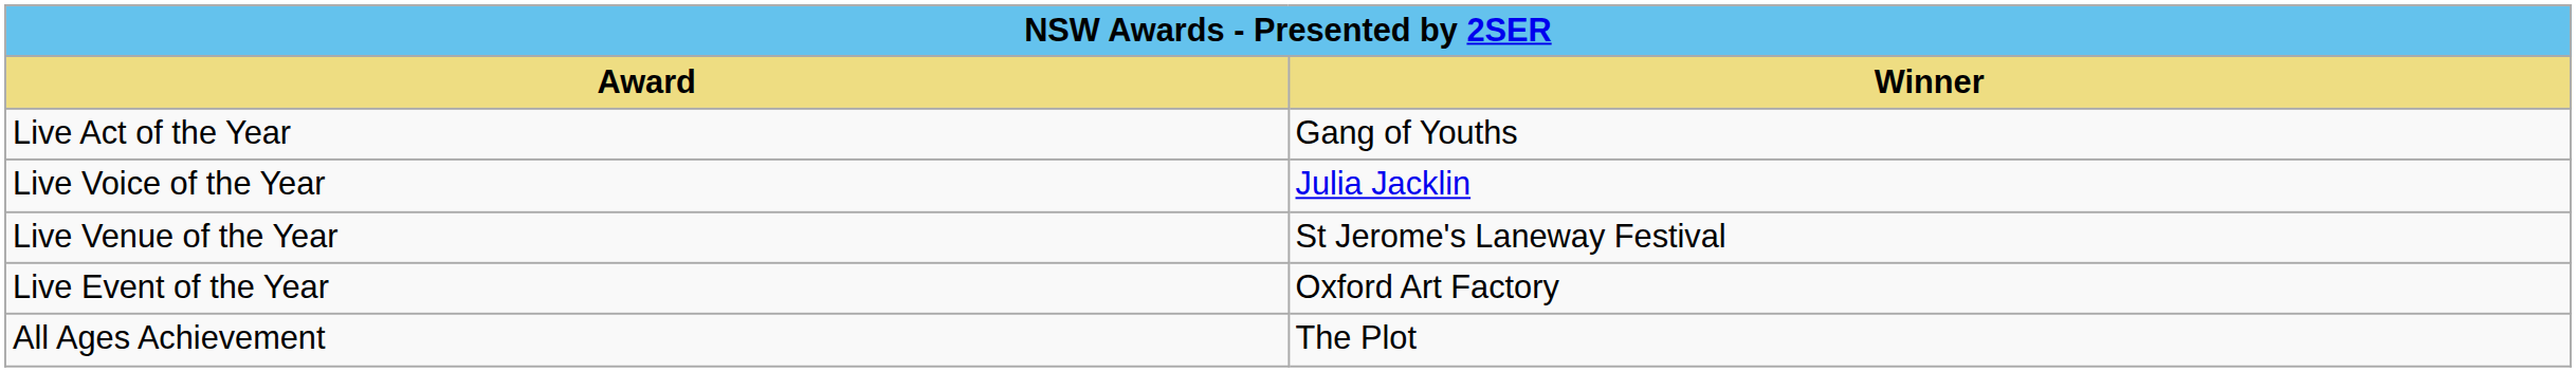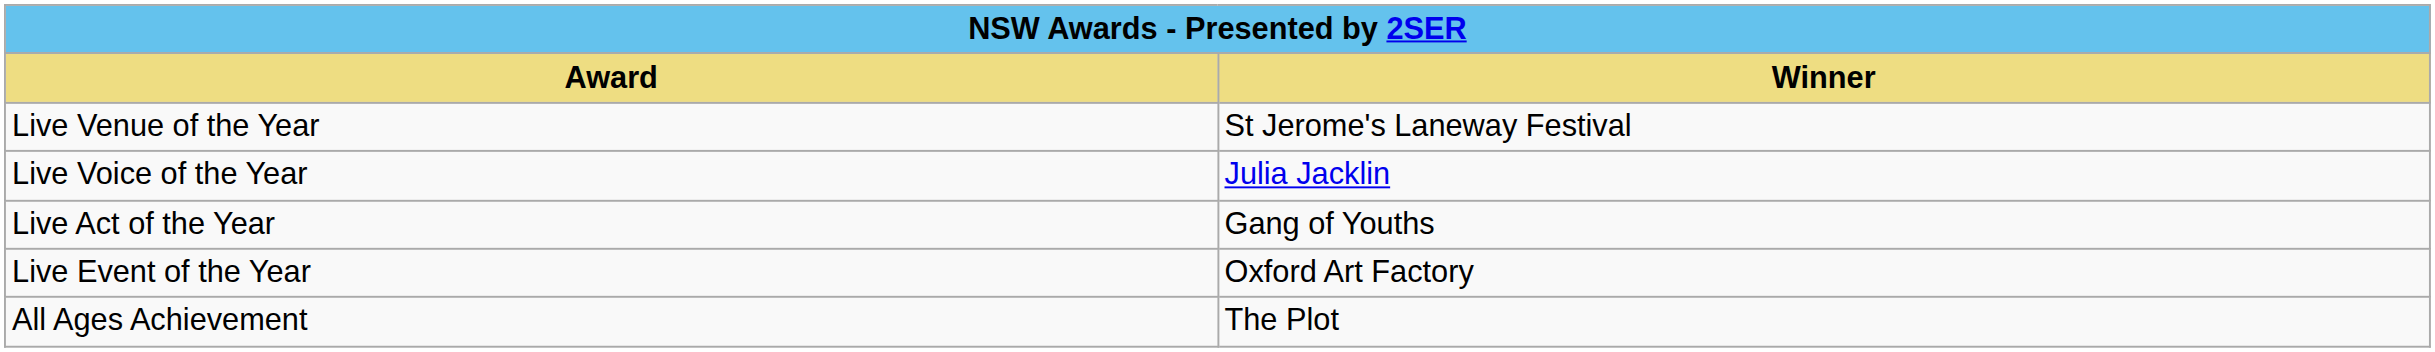 <table class="wikitable" width=100%>
 <tr>
 <th colspan="2" ! style="width:15%;background:#64C2ED">NSW Awards - Presented by <a href='#'>2SER</a></th>
 </tr>
 <tr>
 <th style="width:10%;background:#EEDD82;">Award</th>
 <th style="width:10%;background:#EEDD82;">Winner</th>
 </tr>
 <tr>
-<td>Live Act of the Year</td>
-<td>Gang of Youths</td>
+<td>Live Venue of the Year</td>
+<td>St Jerome's Laneway Festival</td>
 </tr>
 <tr>
 <td>Live Voice of the Year</td>
 <td><a href='#'>Julia Jacklin</a></td>
 </tr>
 <tr>
-<td>Live Venue of the Year</td>
-<td>St Jerome's Laneway Festival</td>
+<td>Live Act of the Year</td>
+<td>Gang of Youths</td>
 </tr>
 <tr>
 <td>Live Event of the Year</td>
 <td>Oxford Art Factory</td>
 </tr>
 <tr>
 <td>All Ages Achievement</td>
 <td>The Plot</td>
 </tr>
 </table>
